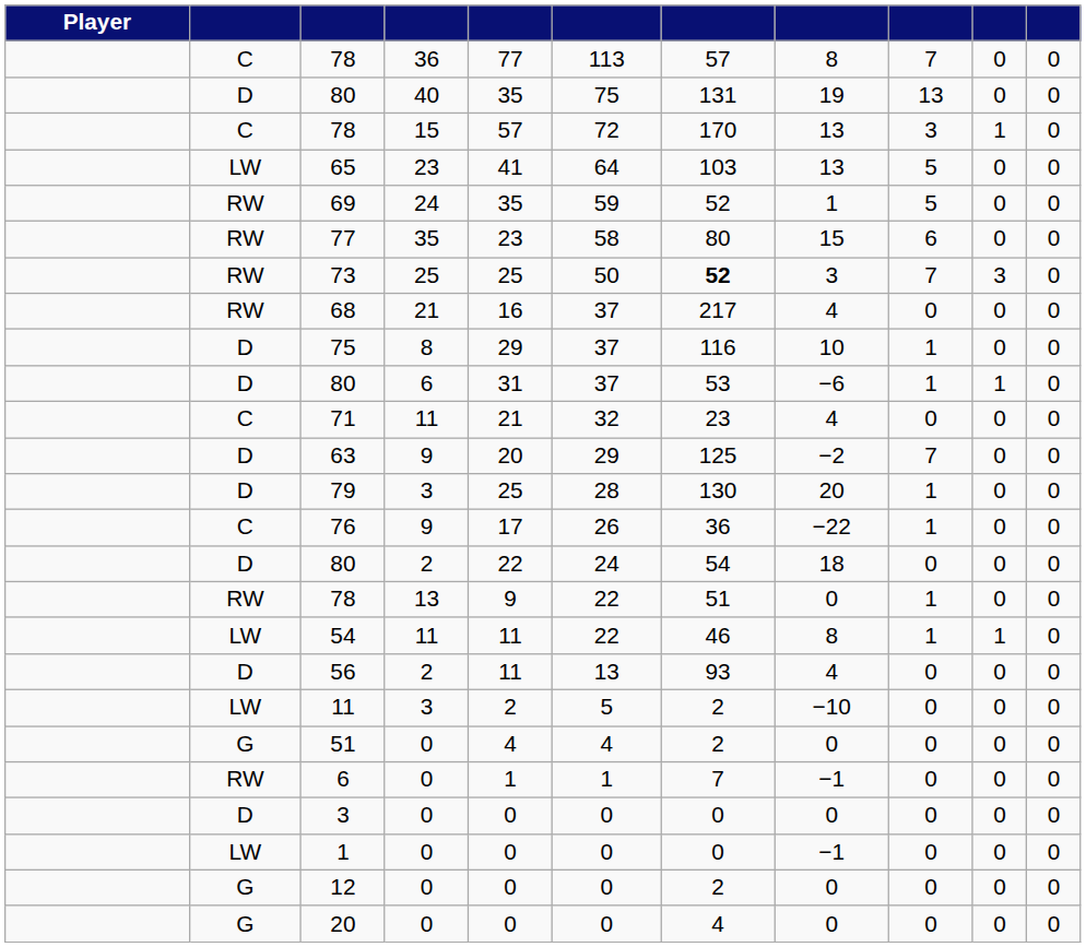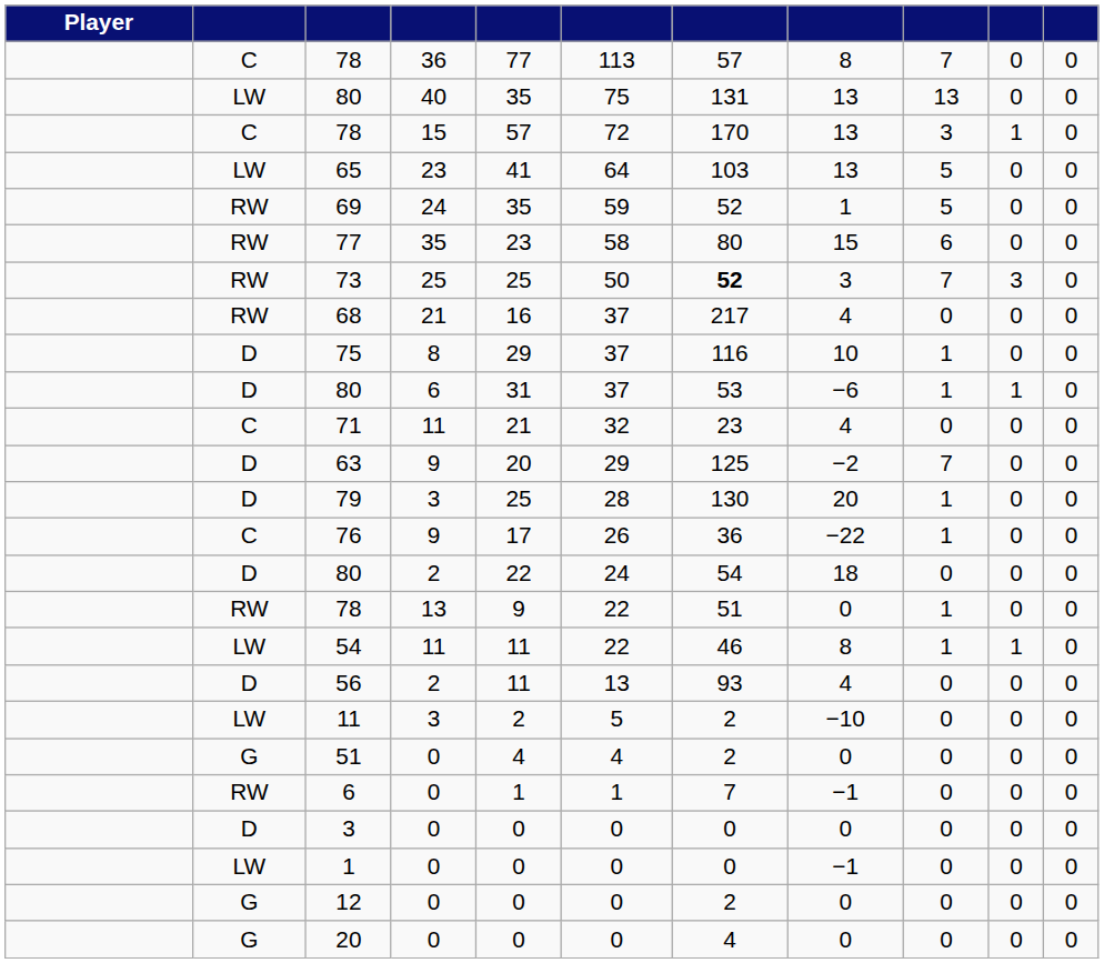 <table class="wikitable sortable" style="width:60%; text-align:center;">
 <tr align=center>
 <th style="color:white; background:#081073; ">Player</th>
 <th style="color:white; background:#081073; "></th>
 <th style="color:white; background:#081073; "></th>
 <th style="color:white;background:#081073; "></th>
 <th style="color:white;background:#081073; "></th>
 <th style="color:white;background:#081073; "></th>
 <th style="color:white;background:#081073; "></th>
 <th style="color:white; background:#081073; "></th>
 <th style="color:white;background:#081073; "></th>
 <th style="color:white;background:#081073; "></th>
 <th style="color:white;background:#081073; "></th>
 </tr>
 <tr>
 <td align="right"></td>
 <td>C</td>
 <td>78</td>
 <td>36</td>
 <td>77</td>
 <td>113</td>
 <td>57</td>
 <td>8</td>
 <td>7</td>
 <td>0</td>
 <td>0</td>
 </tr>
 <tr align="center">
 <td align="right"></td>
-<td>D</td>
+<td>LW</td>
 <td>80</td>
 <td>40</td>
 <td>35</td>
 <td>75</td>
 <td>131</td>
-<td>19</td>
+<td>13</td>
 <td>13</td>
 <td>0</td>
 <td>0</td>
 </tr>
 <tr align="center">
 <td align="right"></td>
 <td>C</td>
 <td>78</td>
 <td>15</td>
 <td>57</td>
 <td>72</td>
 <td>170</td>
 <td>13</td>
 <td>3</td>
 <td>1</td>
 <td>0</td>
 </tr>
 <tr align="center">
 <td align="right"></td>
 <td>LW</td>
 <td>65</td>
 <td>23</td>
 <td>41</td>
 <td>64</td>
 <td>103</td>
 <td>13</td>
 <td>5</td>
 <td>0</td>
 <td>0</td>
 </tr>
 <tr align="center">
 <td align="right"></td>
 <td>RW</td>
 <td>69</td>
 <td>24</td>
 <td>35</td>
 <td>59</td>
 <td>52</td>
 <td>1</td>
 <td>5</td>
 <td>0</td>
 <td>0</td>
 </tr>
 <tr align="center">
 <td align="right"></td>
 <td>RW</td>
 <td>77</td>
 <td>35</td>
 <td>23</td>
 <td>58</td>
 <td>80</td>
 <td>15</td>
 <td>6</td>
 <td>0</td>
 <td>0</td>
 </tr>
 <tr align="center">
 <td align="right"></td>
 <td>RW</td>
 <td>73</td>
 <td>25</td>
 <td>25</td>
 <td>50</td>
 <td><strong>52</strong></td>
 <td>3</td>
 <td>7</td>
 <td>3</td>
 <td>0</td>
 </tr>
 <tr align="center">
 <td align="right"></td>
 <td>RW</td>
 <td>68</td>
 <td>21</td>
 <td>16</td>
 <td>37</td>
 <td>217</td>
 <td>4</td>
 <td>0</td>
 <td>0</td>
 <td>0</td>
 </tr>
 <tr align="center">
 <td align="right"></td>
 <td>D</td>
 <td>75</td>
 <td>8</td>
 <td>29</td>
 <td>37</td>
 <td>116</td>
 <td>10</td>
 <td>1</td>
 <td>0</td>
 <td>0</td>
 </tr>
 <tr align="center">
 <td align="right"></td>
 <td>D</td>
 <td>80</td>
 <td>6</td>
 <td>31</td>
 <td>37</td>
 <td>53</td>
 <td>−6</td>
 <td>1</td>
 <td>1</td>
 <td>0</td>
 </tr>
 <tr align="center">
 <td align="right"></td>
 <td>C</td>
 <td>71</td>
 <td>11</td>
 <td>21</td>
 <td>32</td>
 <td>23</td>
 <td>4</td>
 <td>0</td>
 <td>0</td>
 <td>0</td>
 </tr>
 <tr align="center">
 <td align="right"></td>
 <td>D</td>
 <td>63</td>
 <td>9</td>
 <td>20</td>
 <td>29</td>
 <td>125</td>
 <td>−2</td>
 <td>7</td>
 <td>0</td>
 <td>0</td>
 </tr>
 <tr align="center">
 <td align="right"></td>
 <td>D</td>
 <td>79</td>
 <td>3</td>
 <td>25</td>
 <td>28</td>
 <td>130</td>
 <td>20</td>
 <td>1</td>
 <td>0</td>
 <td>0</td>
 </tr>
 <tr align="center">
 <td align="right"></td>
 <td>C</td>
 <td>76</td>
 <td>9</td>
 <td>17</td>
 <td>26</td>
 <td>36</td>
 <td>−22</td>
 <td>1</td>
 <td>0</td>
 <td>0</td>
 </tr>
 <tr align="center">
 <td align="right"></td>
 <td>D</td>
 <td>80</td>
 <td>2</td>
 <td>22</td>
 <td>24</td>
 <td>54</td>
 <td>18</td>
 <td>0</td>
 <td>0</td>
 <td>0</td>
 </tr>
 <tr align="center">
 <td align="right"></td>
 <td>RW</td>
 <td>78</td>
 <td>13</td>
 <td>9</td>
 <td>22</td>
 <td>51</td>
 <td>0</td>
 <td>1</td>
 <td>0</td>
 <td>0</td>
 </tr>
 <tr align="center">
 <td align="right"></td>
 <td>LW</td>
 <td>54</td>
 <td>11</td>
 <td>11</td>
 <td>22</td>
 <td>46</td>
 <td>8</td>
 <td>1</td>
 <td>1</td>
 <td>0</td>
 </tr>
 <tr align="center">
 <td align="right"></td>
 <td>D</td>
 <td>56</td>
 <td>2</td>
 <td>11</td>
 <td>13</td>
 <td>93</td>
 <td>4</td>
 <td>0</td>
 <td>0</td>
 <td>0</td>
 </tr>
 <tr align="center">
 <td align="right"></td>
 <td>LW</td>
 <td>11</td>
 <td>3</td>
 <td>2</td>
 <td>5</td>
 <td>2</td>
 <td>−10</td>
 <td>0</td>
 <td>0</td>
 <td>0</td>
 </tr>
 <tr align="center">
 <td align="right"></td>
 <td>G</td>
 <td>51</td>
 <td>0</td>
 <td>4</td>
 <td>4</td>
 <td>2</td>
 <td>0</td>
 <td>0</td>
 <td>0</td>
 <td>0</td>
 </tr>
 <tr align="center">
 <td align="right"></td>
 <td>RW</td>
 <td>6</td>
 <td>0</td>
 <td>1</td>
 <td>1</td>
 <td>7</td>
 <td>−1</td>
 <td>0</td>
 <td>0</td>
 <td>0</td>
 </tr>
 <tr align="center">
 <td align="right"></td>
 <td>D</td>
 <td>3</td>
 <td>0</td>
 <td>0</td>
 <td>0</td>
 <td>0</td>
 <td>0</td>
 <td>0</td>
 <td>0</td>
 <td>0</td>
 </tr>
 <tr align="center">
 <td align="right"></td>
 <td>LW</td>
 <td>1</td>
 <td>0</td>
 <td>0</td>
 <td>0</td>
 <td>0</td>
 <td>−1</td>
 <td>0</td>
 <td>0</td>
 <td>0</td>
 </tr>
 <tr align="center">
 <td align="right"></td>
 <td>G</td>
 <td>12</td>
 <td>0</td>
 <td>0</td>
 <td>0</td>
 <td>2</td>
 <td>0</td>
 <td>0</td>
 <td>0</td>
 <td>0</td>
 </tr>
 <tr align="center">
 <td align="right"></td>
 <td>G</td>
 <td>20</td>
 <td>0</td>
 <td>0</td>
 <td>0</td>
 <td>4</td>
 <td>0</td>
 <td>0</td>
 <td>0</td>
 <td>0</td>
 </tr>
 </table>
